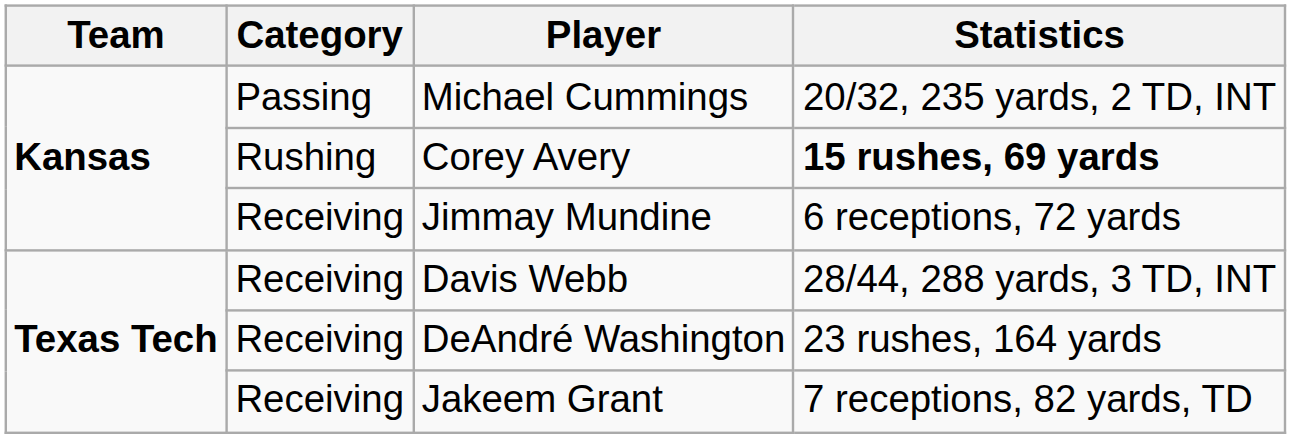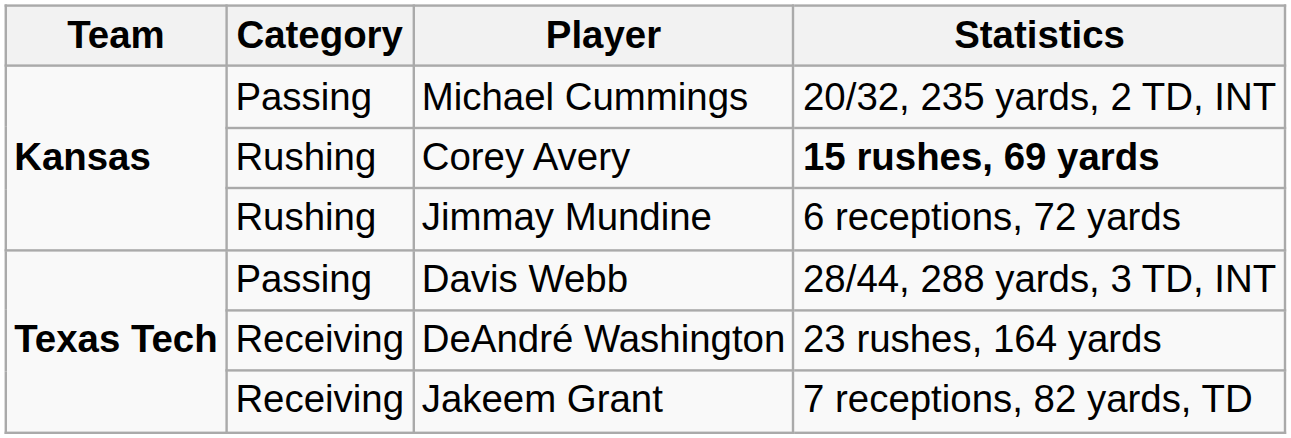 <table class="wikitable" style="float: right;">
 <tr>
 <th>Team</th>
 <th>Category</th>
 <th>Player</th>
 <th>Statistics</th>
 </tr>
 <tr>
 <td rowspan=3><strong>Kansas</strong></td>
 <td>Passing</td>
 <td>Michael Cummings</td>
 <td>20/32, 235 yards, 2 TD, INT</td>
 </tr>
 <tr>
 <td>Rushing</td>
 <td>Corey Avery</td>
 <td><strong>15 rushes, 69 yards</strong></td>
 </tr>
 <tr>
-<td>Receiving</td>
+<td>Rushing</td>
 <td>Jimmay Mundine</td>
 <td>6 receptions, 72 yards</td>
 </tr>
 <tr>
 <td rowspan=3><strong>Texas Tech</strong></td>
-<td>Receiving</td>
+<td>Passing</td>
 <td>Davis Webb</td>
 <td>28/44, 288 yards, 3 TD, INT</td>
 </tr>
 <tr>
 <td>Receiving</td>
 <td>DeAndré Washington</td>
 <td>23 rushes, 164 yards</td>
 </tr>
 <tr>
 <td>Receiving</td>
 <td>Jakeem Grant</td>
 <td>7 receptions, 82 yards, TD</td>
 </tr>
 </table>
